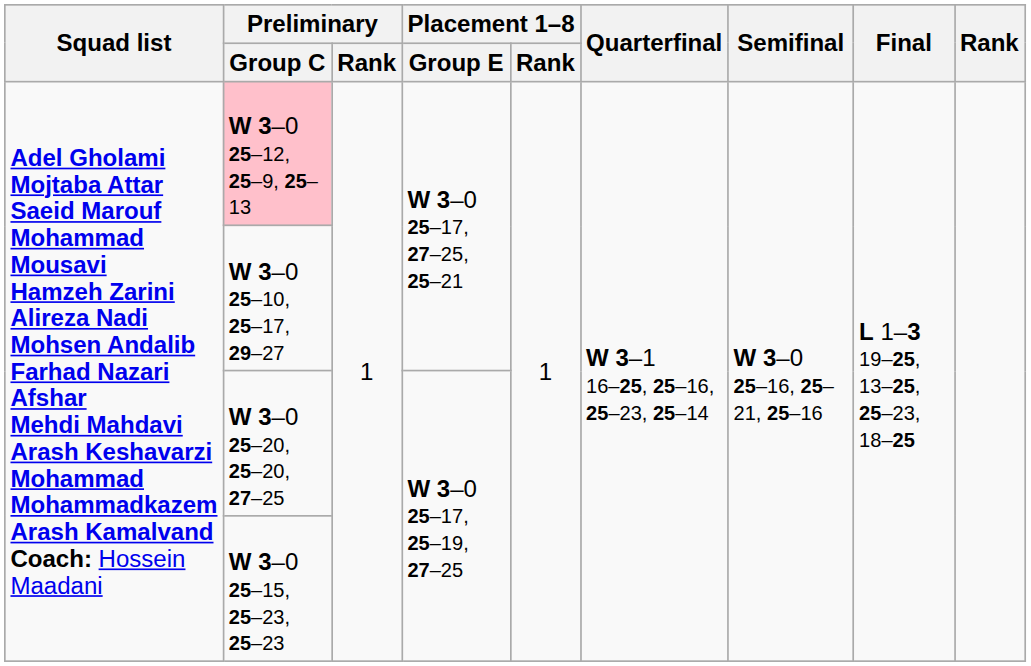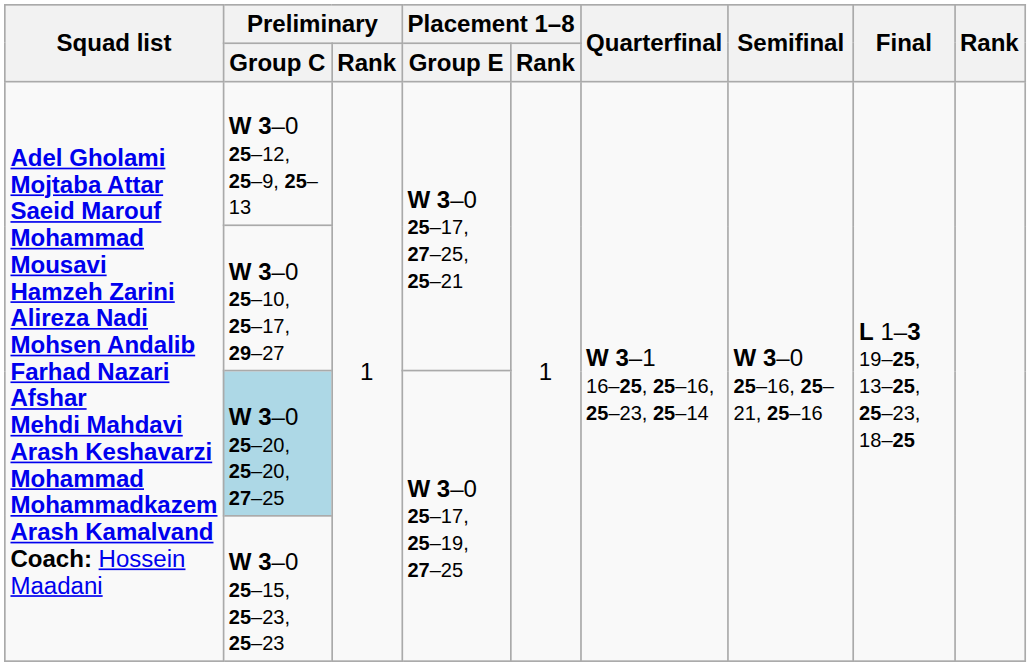 <table class="wikitable" width="98%" style="text-align:left; font-size:90%">
 <tr>
 <th rowspan="2" width="20%">Squad list</th>
 <th colspan="2">Preliminary</th>
 <th colspan="2">Placement 1–8</th>
 <th rowspan="2" width="13%">Quarterfinal</th>
 <th rowspan="2" width="13%">Semifinal</th>
 <th rowspan="2" width="13%">Final</th>
 <th rowspan="2" width="5%">Rank</th>
 </tr>
 <tr>
 <th width="13%">Group C</th>
 <th width="5%">Rank</th>
 <th width="13%">Group E</th>
 <th width="5%">Rank</th>
 </tr>
 <tr>
 <td rowspan="4"><strong><a href='#'>Adel Gholami</a><br><a href='#'>Mojtaba Attar</a><br><a href='#'>Saeid Marouf</a><br><a href='#'>Mohammad Mousavi</a><br><a href='#'>Hamzeh Zarini</a><br><a href='#'>Alireza Nadi</a><br><a href='#'>Mohsen Andalib</a><br><a href='#'>Farhad Nazari Afshar</a><br><a href='#'>Mehdi Mahdavi</a><br><a href='#'>Arash Keshavarzi</a><br><a href='#'>Mohammad Mohammadkazem</a><br><a href='#'>Arash Kamalvand</a><br>Coach:</strong> <a href='#'>Hossein Maadani</a></td>
-<td style="background: pink;"><br><strong>W</strong> <strong>3</strong>–0<br><small><strong>25</strong>–12, <strong>25</strong>–9, <strong>25</strong>–13</small></td>
+<td><br><strong>W</strong> <strong>3</strong>–0<br><small><strong>25</strong>–12, <strong>25</strong>–9, <strong>25</strong>–13</small></td>
 <td rowspan="4" align=center>1 <strong></strong></td>
 <td rowspan="2"><br><strong>W</strong> <strong>3</strong>–0<br><small><strong>25</strong>–17, <strong>27</strong>–25, <strong>25</strong>–21</small></td>
 <td rowspan="4" align=center>1 <strong></strong></td>
 <td rowspan="4"><br><strong>W</strong> <strong>3</strong>–1<br><small>16–<strong>25</strong>, <strong>25</strong>–16, <strong>25</strong>–23, <strong>25</strong>–14</small></td>
 <td rowspan="4"><br><strong>W</strong> <strong>3</strong>–0<br><small><strong>25</strong>–16, <strong>25</strong>–21, <strong>25</strong>–16</small></td>
 <td rowspan="4"><br><strong>L</strong> 1–<strong>3</strong><br><small>19–<strong>25</strong>, 13–<strong>25</strong>, <strong>25</strong>–23, 18–<strong>25</strong></small></td>
 <td rowspan="4" align="center"></td>
 </tr>
 <tr>
 <td><br><strong>W</strong> <strong>3</strong>–0<br><small><strong>25</strong>–10, <strong>25</strong>–17, <strong>29</strong>–27</small></td>
 </tr>
 <tr>
-<td><br><strong>W</strong> <strong>3</strong>–0<br><small><strong>25</strong>–20, <strong>25</strong>–20, <strong>27</strong>–25</small></td>
+<td style="background: lightblue;"><br><strong>W</strong> <strong>3</strong>–0<br><small><strong>25</strong>–20, <strong>25</strong>–20, <strong>27</strong>–25</small></td>
 <td rowspan="2"><br><strong>W</strong> <strong>3</strong>–0<br><small><strong>25</strong>–17, <strong>25</strong>–19, <strong>27</strong>–25</small></td>
 </tr>
 <tr>
 <td><br><strong>W</strong> <strong>3</strong>–0<br><small><strong>25</strong>–15, <strong>25</strong>–23, <strong>25</strong>–23</small></td>
 </tr>
 </table>
